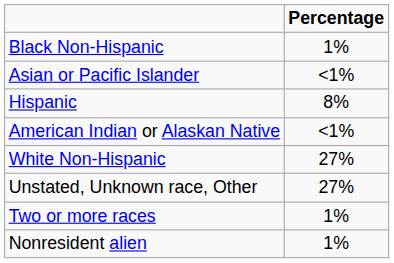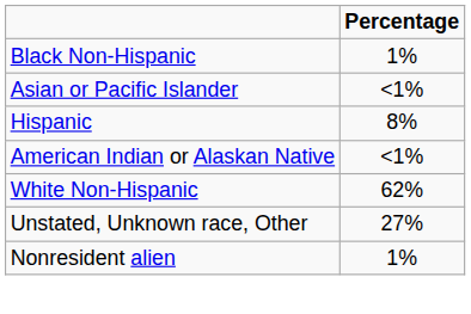 <table class="wikitable sortable"  style=style="text-align:left; font-size:85%; margin:auto;" class="wikitable">
 <tr>
 <td></td>
 <td><strong>Percentage</strong></td>
 </tr>
 <tr>
 <td><a href='#'>Black Non-Hispanic</a></td>
 <td style="text-align:center;">1%</td>
 </tr>
 <tr>
 <td><a href='#'>Asian or Pacific Islander</a></td>
 <td style="text-align:center;"><1%</td>
 </tr>
 <tr>
 <td><a href='#'>Hispanic</a></td>
 <td style="text-align:center;">8%</td>
 </tr>
 <tr>
 <td><a href='#'>American Indian</a> or <a href='#'>Alaskan Native</a></td>
 <td style="text-align:center;"><1%</td>
 </tr>
 <tr>
 <td><a href='#'>White Non-Hispanic</a></td>
-<td style="text-align:center;">27%</td>
+<td style="text-align:center;">62%</td>
 </tr>
 <tr>
 <td>Unstated, Unknown race, Other</td>
 <td style="text-align:center;">27%</td>
 </tr>
 <tr>
-<td><a href='#'>Two or more races</a></td>
-<td style="text-align:center;">1%</td>
-</tr>
-<tr>
 <td>Nonresident <a href='#'>alien</a></td>
 <td style="text-align:center;">1%</td>
 </tr>
 </table>
